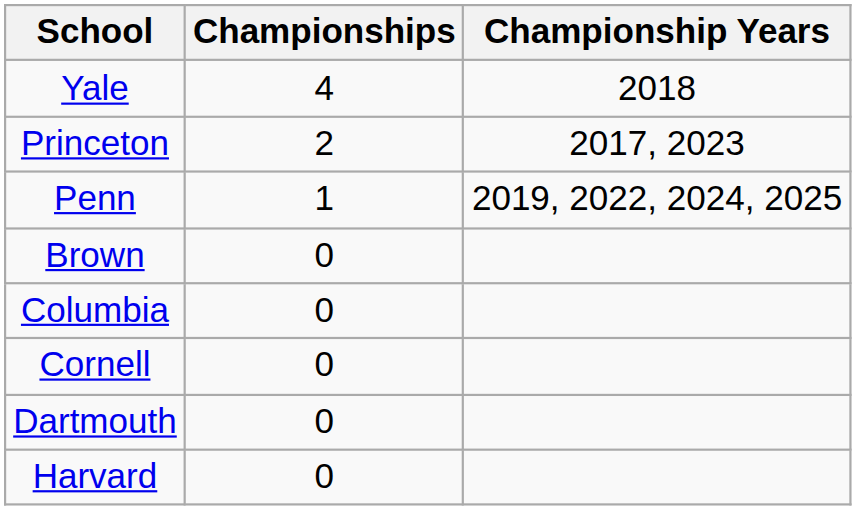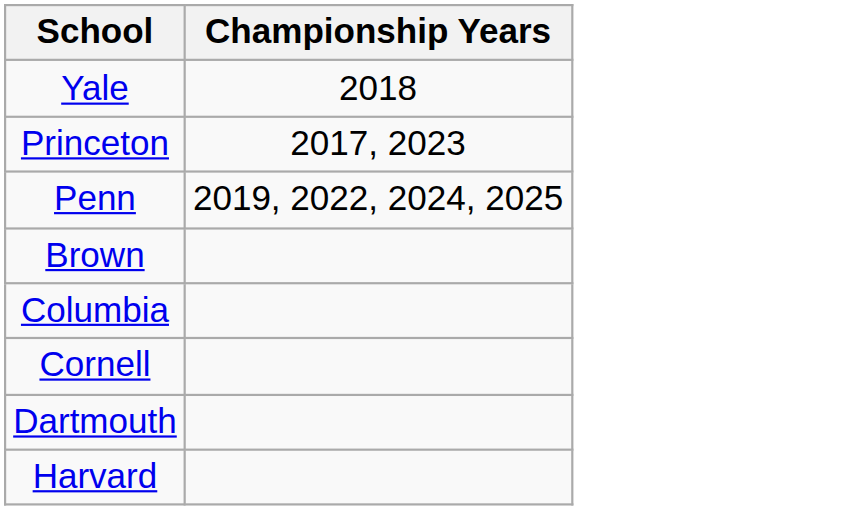 <table class="wikitable sortable" style="text-align:center">
 <tr>
 <th width=px>School</th>
-<th width=px>Championships</th>
 <th width=px>Championship Years</th>
 </tr>
 <tr>
 <td><a href='#'>Yale</a></td>
-<td>4</td>
 <td>2018</td>
 </tr>
 <tr>
 <td><a href='#'>Princeton</a></td>
-<td>2</td>
 <td>2017, 2023</td>
 </tr>
 <tr>
 <td><a href='#'>Penn</a></td>
-<td>1</td>
 <td>2019, 2022, 2024, 2025</td>
 </tr>
 <tr>
 <td><a href='#'>Brown</a></td>
-<td>0</td>
 <td></td>
 </tr>
 <tr>
 <td><a href='#'>Columbia</a></td>
-<td>0</td>
 <td></td>
 </tr>
 <tr>
 <td><a href='#'>Cornell</a></td>
-<td>0</td>
 <td></td>
 </tr>
 <tr>
 <td><a href='#'>Dartmouth</a></td>
-<td>0</td>
 <td></td>
 </tr>
 <tr>
 <td><a href='#'>Harvard</a></td>
-<td>0</td>
 <td></td>
 </tr>
 </table>
